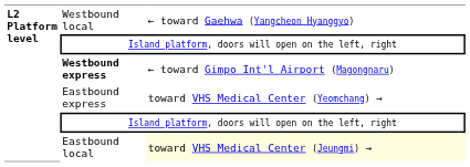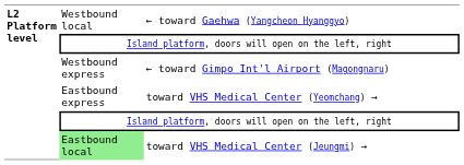 <table table border=0 cellspacing=0 cellpadding=3>
 <tr>
 <td style="border-top:solid 1px gray;border-bottom:solid 1px gray;" width=50 rowspan=10 valign=top><strong>L2<br>Platform level</strong></td>
 <td style="border-bottom:solid 0px gray;border-top:solid 1px gray;" width=100>Westbound local</td>
 <td style="border-bottom:solid 0px gray;border-top:solid 1px gray;" width=390>←  toward <a href='#'>Gaehwa</a> <small>(<a href='#'>Yangcheon Hyanggyo</a>)</small></td>
 </tr>
 <tr>
 <td style="border-top:solid 2px black;border-right:solid 2px black;border-left:solid 2px black;border-bottom:solid 2px black;text-align:center;" colspan=2><small><a href='#'>Island platform</a>, doors will open on the left, right</small></td>
 </tr>
 <tr>
-<td><strong>Westbound express</strong></td>
+<td>Westbound express</td>
 <td>← <span> toward <a href='#'>Gimpo Int'l Airport</a> <small> (<a href='#'>Magongnaru</a>)</small></span></td>
 </tr>
 <tr>
 <td>Eastbound express</td>
 <td>  toward <a href='#'>VHS Medical Center</a> <small>(<a href='#'>Yeomchang</a>)</small> →</td>
 </tr>
 <tr>
 <td style="border-top:solid 2px black;border-right:solid 2px black;border-left:solid 2px black;border-bottom:solid 2px black;text-align:center;" colspan=2><small><a href='#'>Island platform</a>, doors will open on the left, right</small></td>
 </tr>
 <tr>
-<td>Eastbound local</td>
-<td style="background: lightyellow;">  toward <a href='#'>VHS Medical Center</a> <small>(<a href='#'>Jeungmi</a>)</small> →</td>
+<td style="background: lightgreen;">Eastbound local</td>
+<td>  toward <a href='#'>VHS Medical Center</a> <small>(<a href='#'>Jeungmi</a>)</small> →</td>
 </tr>
 </table>
